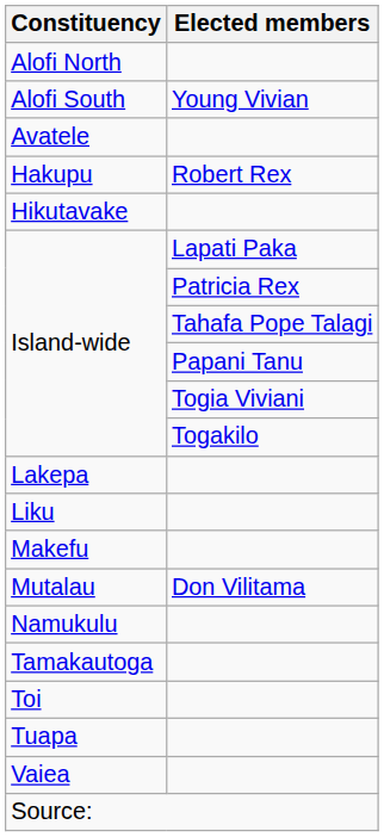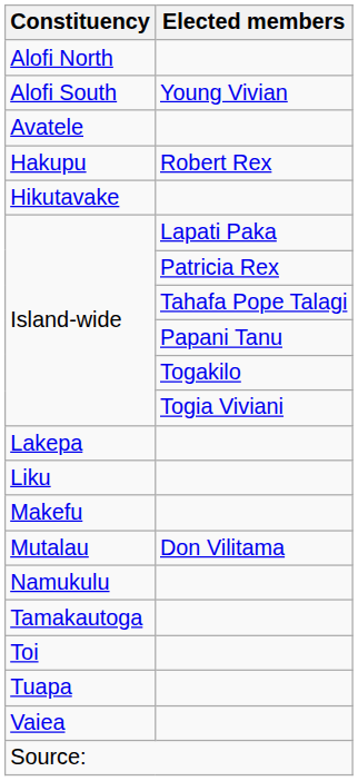 <table class=wikitable>
 <tr>
 <th>Constituency</th>
 <th>Elected members</th>
 </tr>
 <tr>
 <td><a href='#'>Alofi North</a></td>
 <td></td>
 </tr>
 <tr>
 <td><a href='#'>Alofi South</a></td>
 <td><a href='#'>Young Vivian</a></td>
 </tr>
 <tr>
 <td><a href='#'>Avatele</a></td>
 <td></td>
 </tr>
 <tr>
 <td><a href='#'>Hakupu</a></td>
 <td><a href='#'>Robert Rex</a></td>
 </tr>
 <tr>
 <td><a href='#'>Hikutavake</a></td>
 <td></td>
 </tr>
 <tr>
 <td rowspan=6>Island-wide</td>
 <td><a href='#'>Lapati Paka</a></td>
 </tr>
 <tr>
 <td><a href='#'>Patricia Rex</a></td>
 </tr>
 <tr>
 <td><a href='#'>Tahafa Pope Talagi</a></td>
 </tr>
 <tr>
 <td><a href='#'>Papani Tanu</a></td>
 </tr>
 <tr>
-<td><a href='#'>Togia Viviani</a></td>
+<td><a href='#'>Togakilo</a></td>
 </tr>
 <tr>
-<td><a href='#'>Togakilo</a></td>
+<td><a href='#'>Togia Viviani</a></td>
 </tr>
 <tr>
 <td><a href='#'>Lakepa</a></td>
 <td></td>
 </tr>
 <tr>
 <td><a href='#'>Liku</a></td>
 <td></td>
 </tr>
 <tr>
 <td><a href='#'>Makefu</a></td>
 <td></td>
 </tr>
 <tr>
 <td><a href='#'>Mutalau</a></td>
 <td><a href='#'>Don Vilitama</a></td>
 </tr>
 <tr>
 <td><a href='#'>Namukulu</a></td>
 <td></td>
 </tr>
 <tr>
 <td><a href='#'>Tamakautoga</a></td>
 <td></td>
 </tr>
 <tr>
 <td><a href='#'>Toi</a></td>
 <td></td>
 </tr>
 <tr>
 <td><a href='#'>Tuapa</a></td>
 <td></td>
 </tr>
 <tr>
 <td><a href='#'>Vaiea</a></td>
 <td></td>
 </tr>
 <tr>
 <td colspan=2>Source: </td>
 </tr>
 </table>
